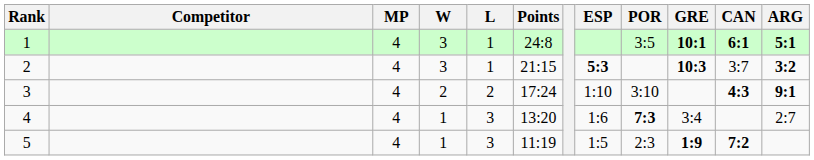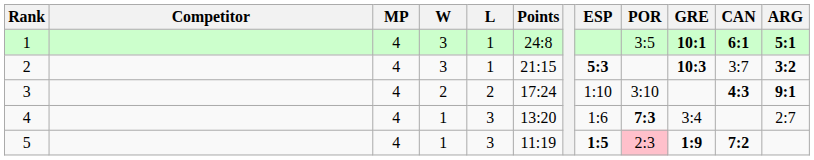 <table class="wikitable" style="text-align:center">
 <tr>
 <th>Rank</th>
 <th style="width:20em">Competitor</th>
 <th style="width:2.5em">MP</th>
 <th style="width:2.5em">W</th>
 <th style="width:2.5em">L</th>
 <th>Points</th>
 <th rowspan="6"> </th>
 <th style="width:2.5em">ESP</th>
 <th style="width:2.5em">POR</th>
 <th style="width:2.5em">GRE</th>
 <th style="width:2.5em">CAN</th>
 <th style="width:2.5em">ARG</th>
 </tr>
 <tr style="background:#cfc;">
 <td>1</td>
 <td style="text-align:left"></td>
 <td>4</td>
 <td>3</td>
 <td>1</td>
 <td>24:8</td>
 <td></td>
 <td>3:5</td>
 <td><strong>10:1</strong></td>
 <td><strong>6:1</strong></td>
 <td><strong>5:1</strong></td>
 </tr>
 <tr>
 <td>2</td>
 <td style="text-align:left"></td>
 <td>4</td>
 <td>3</td>
 <td>1</td>
 <td>21:15</td>
 <td><strong>5:3</strong></td>
 <td></td>
 <td><strong>10:3</strong></td>
 <td>3:7</td>
 <td><strong>3:2</strong></td>
 </tr>
 <tr>
 <td>3</td>
 <td style="text-align:left"></td>
 <td>4</td>
 <td>2</td>
 <td>2</td>
 <td>17:24</td>
 <td>1:10</td>
 <td>3:10</td>
 <td></td>
 <td><strong>4:3</strong></td>
 <td><strong>9:1</strong></td>
 </tr>
 <tr>
 <td>4</td>
 <td style="text-align:left"></td>
 <td>4</td>
 <td>1</td>
 <td>3</td>
 <td>13:20</td>
 <td>1:6</td>
 <td><strong>7:3</strong></td>
 <td>3:4</td>
 <td></td>
 <td>2:7</td>
 </tr>
 <tr>
 <td>5</td>
 <td style="text-align:left"></td>
 <td>4</td>
 <td>1</td>
 <td>3</td>
 <td>11:19</td>
-<td>1:5</td>
-<td>2:3</td>
+<td><strong>1:5</strong></td>
+<td style="background: pink;">2:3</td>
 <td><strong>1:9</strong></td>
 <td><strong>7:2</strong></td>
 <td></td>
 </tr>
 </table>
